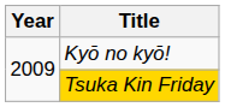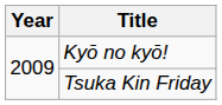 <table class="wikitable">
 <tr>
 <th>Year</th>
 <th>Title</th>
 </tr>
 <tr>
 <td rowspan="2">2009</td>
 <td><em>Kyō no kyō!</em></td>
 </tr>
 <tr>
-<td style="background: gold;"><em>Tsuka Kin Friday</em></td>
+<td><em>Tsuka Kin Friday</em></td>
 </tr>
 </table>
